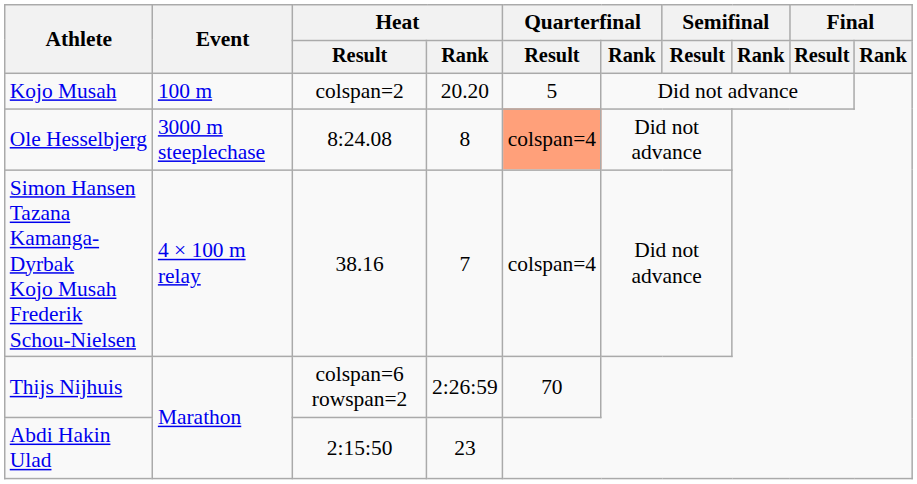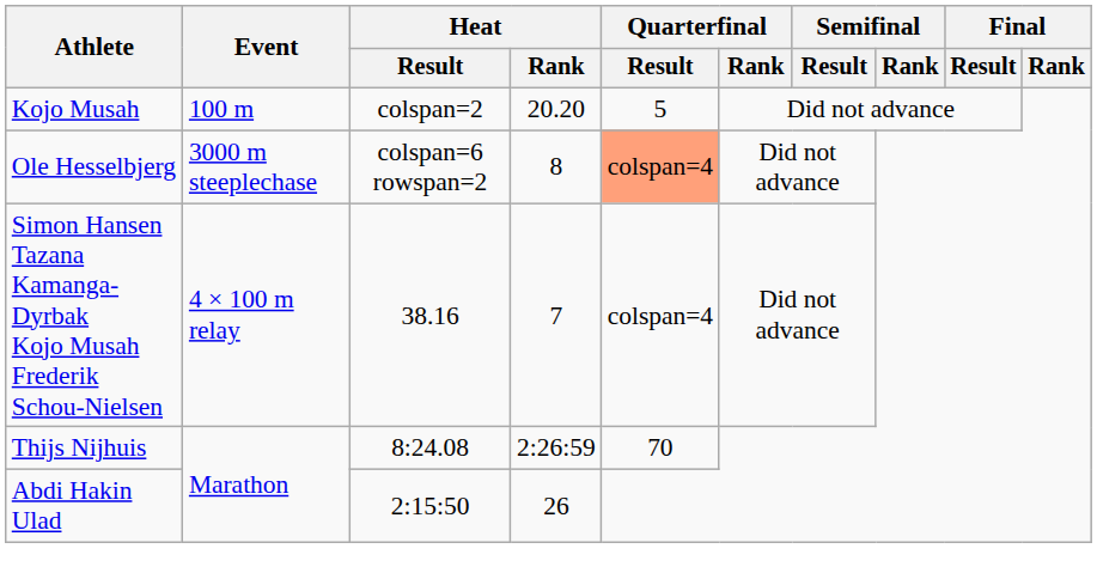 <table class="wikitable" style="font-size:90%">
 <tr>
 <th rowspan="2">Athlete</th>
 <th rowspan="2">Event</th>
 <th colspan="2">Heat</th>
 <th colspan="2">Quarterfinal</th>
 <th colspan="2">Semifinal</th>
 <th colspan="2">Final</th>
 </tr>
 <tr style="font-size:95%">
 <th>Result</th>
 <th>Rank</th>
 <th>Result</th>
 <th>Rank</th>
 <th>Result</th>
 <th>Rank</th>
 <th>Result</th>
 <th>Rank</th>
 </tr>
 <tr align=center>
 <td align=left><a href='#'>Kojo Musah</a></td>
 <td align=left><a href='#'>100 m</a></td>
 <td>colspan=2 </td>
 <td>20.20</td>
 <td>5</td>
 <td colspan=4>Did not advance</td>
 </tr>
 <tr align=center>
 <td align=left><a href='#'>Ole Hesselbjerg</a></td>
 <td align=left><a href='#'>3000 m steeplechase</a></td>
-<td>8:24.08</td>
+<td>colspan=6 rowspan=2 </td>
 <td>8</td>
 <td style="background: lightsalmon;">colspan=4 </td>
 <td colspan=2>Did not advance</td>
 </tr>
 <tr align=center>
 <td align=left><a href='#'>Simon Hansen</a><br><a href='#'>Tazana Kamanga-Dyrbak</a><br><a href='#'>Kojo Musah</a><br><a href='#'>Frederik Schou-Nielsen</a></td>
 <td align=left><a href='#'>4 × 100 m relay</a></td>
 <td>38.16</td>
 <td>7 <strong></strong></td>
 <td>colspan=4 </td>
 <td colspan=2>Did not advance</td>
 </tr>
 <tr align=center>
 <td align=left><a href='#'>Thijs Nijhuis</a></td>
 <td align=left rowspan=2><a href='#'>Marathon</a></td>
-<td>colspan=6 rowspan=2 </td>
+<td>8:24.08</td>
 <td>2:26:59</td>
 <td>70</td>
 </tr>
 <tr align=center>
 <td align=left><a href='#'>Abdi Hakin Ulad</a></td>
 <td>2:15:50</td>
-<td>23</td>
+<td>26</td>
 </tr>
 </table>
